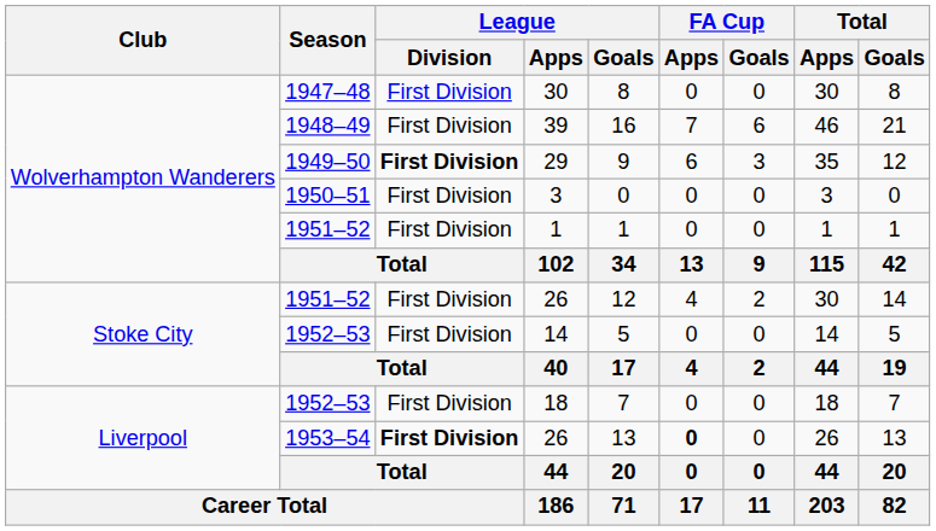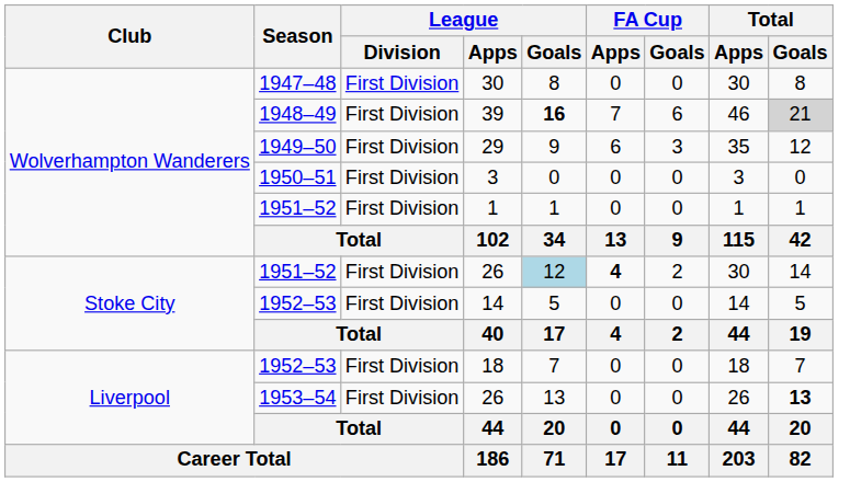 <table class="wikitable" style="text-align: center;">
 <tr>
 <th rowspan="2">Club</th>
 <th rowspan="2">Season</th>
 <th colspan="3"><a href='#'>League</a></th>
 <th colspan="2"><a href='#'>FA Cup</a></th>
 <th colspan="2">Total</th>
 </tr>
 <tr>
 <th>Division</th>
 <th>Apps</th>
 <th>Goals</th>
 <th>Apps</th>
 <th>Goals</th>
 <th>Apps</th>
 <th>Goals</th>
 </tr>
 <tr>
 <td rowspan="6"><a href='#'>Wolverhampton Wanderers</a></td>
 <td><a href='#'>1947–48</a></td>
 <td><a href='#'>First Division</a></td>
 <td>30</td>
 <td>8</td>
 <td>0</td>
 <td>0</td>
 <td>30</td>
 <td>8</td>
 </tr>
 <tr>
 <td><a href='#'>1948–49</a></td>
 <td>First Division</td>
 <td>39</td>
-<td>16</td>
+<td><strong>16</strong></td>
 <td>7</td>
 <td>6</td>
 <td>46</td>
-<td>21</td>
+<td style="background: lightgrey;">21</td>
 </tr>
 <tr>
 <td><a href='#'>1949–50</a></td>
-<td><strong>First Division</strong></td>
+<td>First Division</td>
 <td>29</td>
 <td>9</td>
 <td>6</td>
 <td>3</td>
 <td>35</td>
 <td>12</td>
 </tr>
 <tr>
 <td><a href='#'>1950–51</a></td>
 <td>First Division</td>
 <td>3</td>
 <td>0</td>
 <td>0</td>
 <td>0</td>
 <td>3</td>
 <td>0</td>
 </tr>
 <tr>
 <td><a href='#'>1951–52</a></td>
 <td>First Division</td>
 <td>1</td>
 <td>1</td>
 <td>0</td>
 <td>0</td>
 <td>1</td>
 <td>1</td>
 </tr>
 <tr>
 <th colspan=2>Total</th>
 <th>102</th>
 <th>34</th>
 <th>13</th>
 <th>9</th>
 <th>115</th>
 <th>42</th>
 </tr>
 <tr>
 <td rowspan="3"><a href='#'>Stoke City</a></td>
 <td><a href='#'>1951–52</a></td>
 <td>First Division</td>
 <td>26</td>
-<td>12</td>
-<td>4</td>
+<td style="background: lightblue;">12</td>
+<td><strong>4</strong></td>
 <td>2</td>
 <td>30</td>
 <td>14</td>
 </tr>
 <tr>
 <td><a href='#'>1952–53</a></td>
 <td>First Division</td>
 <td>14</td>
 <td>5</td>
 <td>0</td>
 <td>0</td>
 <td>14</td>
 <td>5</td>
 </tr>
 <tr>
 <th colspan=2>Total</th>
 <th>40</th>
 <th>17</th>
 <th>4</th>
 <th>2</th>
 <th>44</th>
 <th>19</th>
 </tr>
 <tr>
 <td rowspan="3"><a href='#'>Liverpool</a></td>
 <td><a href='#'>1952–53</a></td>
 <td>First Division</td>
 <td>18</td>
 <td>7</td>
 <td>0</td>
 <td>0</td>
 <td>18</td>
 <td>7</td>
 </tr>
 <tr>
 <td><a href='#'>1953–54</a></td>
-<td><strong>First Division</strong></td>
+<td>First Division</td>
 <td>26</td>
 <td>13</td>
-<td><strong>0</strong></td>
+<td>0</td>
 <td>0</td>
 <td>26</td>
-<td>13</td>
+<td><strong>13</strong></td>
 </tr>
 <tr>
 <th colspan=2>Total</th>
 <th>44</th>
 <th>20</th>
 <th>0</th>
 <th>0</th>
 <th>44</th>
 <th>20</th>
 </tr>
 <tr>
 <th colspan="3">Career Total</th>
 <th>186</th>
 <th>71</th>
 <th>17</th>
 <th>11</th>
 <th>203</th>
 <th>82</th>
 </tr>
 </table>
